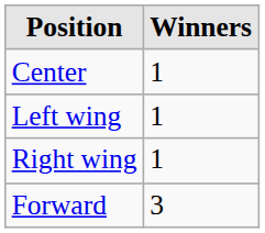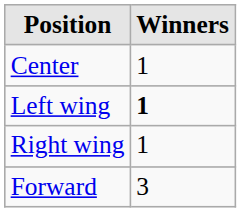 <table class="wikitable">
 <tr>
 <th style="background:#e5e5e5;">Position</th>
 <th style="background:#e5e5e5;">Winners</th>
 </tr>
 <tr>
 <td><a href='#'>Center</a></td>
 <td>1</td>
 </tr>
 <tr>
 <td><a href='#'>Left wing</a></td>
-<td>1</td>
+<td><strong>1</strong></td>
 </tr>
 <tr>
 <td><a href='#'>Right wing</a></td>
 <td>1</td>
 </tr>
 <tr>
 <td><a href='#'>Forward</a></td>
 <td>3</td>
 </tr>
 </table>
